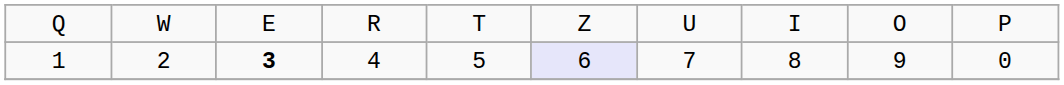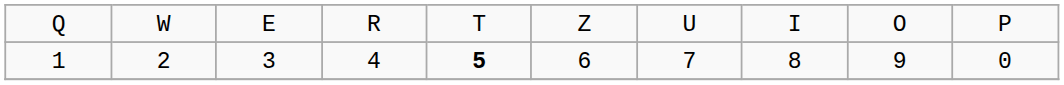 <table class="wikitable" | border=1 style="margin: 1em auto 1em auto; width:30%">
 <tr>
 <td align="center">Q</td>
 <td align="center">W</td>
 <td align="center">E</td>
 <td align="center">R</td>
 <td align="center">T</td>
 <td align="center">Z</td>
 <td align="center">U</td>
 <td align="center">I</td>
 <td align="center">O</td>
 <td align="center">P</td>
 </tr>
 <tr>
 <td align="center">1</td>
 <td align="center">2</td>
-<td align="center"><strong>3</strong></td>
+<td align="center">3</td>
 <td align="center">4</td>
-<td align="center">5</td>
-<td align="center" style="background: lavender;">6</td>
+<td align="center"><strong>5</strong></td>
+<td align="center">6</td>
 <td align="center">7</td>
 <td align="center">8</td>
 <td align="center">9</td>
 <td align="center">0</td>
 </tr>
 <tr>
 </tr>
 </table>
